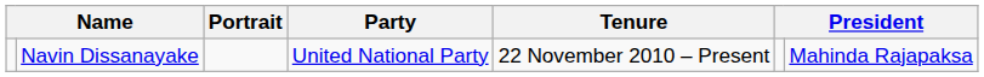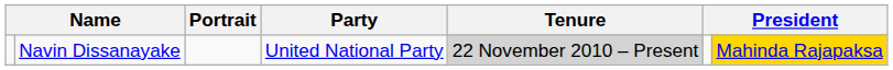 <table class="wikitable" style="margin:1em auto; font-size:90%; text-align:center;">
 <tr>
 <th colspan="2">Name</th>
 <th>Portrait</th>
 <th>Party</th>
 <th>Tenure</th>
 <th colspan="2"><a href='#'>President</a></th>
 </tr>
 <tr>
 <td !align="centre" style="background:"></td>
 <td><a href='#'>Navin Dissanayake</a></td>
 <td></td>
 <td><a href='#'>United National Party</a></td>
-<td>22 November 2010 – Present</td>
+<td style="background: lightgrey;">22 November 2010 – Present</td>
 <td !align="center" style="background:"></td>
-<td><a href='#'>Mahinda Rajapaksa</a></td>
+<td style="background: gold;"><a href='#'>Mahinda Rajapaksa</a></td>
 </tr>
 </table>
